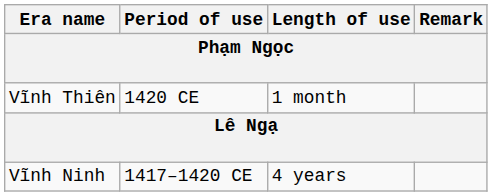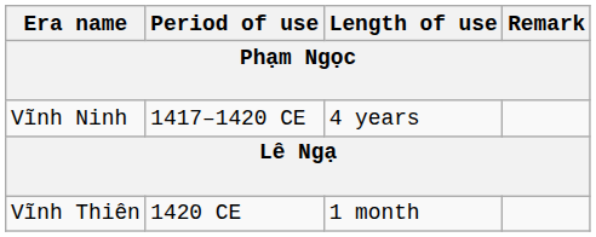 <table class="wikitable">
 <tr>
 <th>Era name</th>
 <th>Period of use</th>
 <th>Length of use</th>
 <th>Remark</th>
 </tr>
 <tr>
 <th colspan="4">Phạm Ngọc<br><br></th>
 </tr>
 <tr>
-<td>Vĩnh Thiên<br></td>
-<td>1420 CE</td>
-<td>1 month</td>
+<td>Vĩnh Ninh<br></td>
+<td>1417–1420 CE</td>
+<td>4 years</td>
 <td></td>
 </tr>
 <tr>
 <th colspan="4">Lê Ngạ<br><br></th>
 </tr>
 <tr>
-<td>Vĩnh Ninh<br></td>
-<td>1417–1420 CE</td>
-<td>4 years</td>
+<td>Vĩnh Thiên<br></td>
+<td>1420 CE</td>
+<td>1 month</td>
 <td></td>
 </tr>
 </table>
